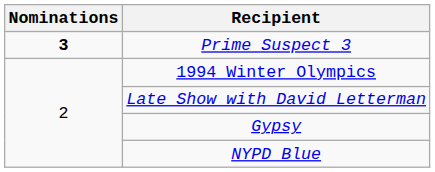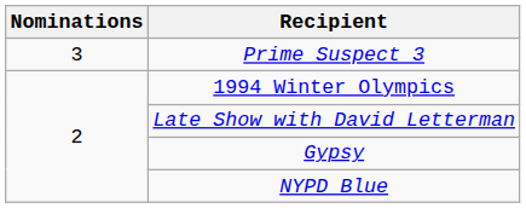 <table class="wikitable sortable" rowspan="2" style="text-align:center;" background: #f6e39c;>
 <tr>
 <th scope="col" style="width:55px;">Nominations</th>
 <th scope="col" style="text-align:center;">Recipient</th>
 </tr>
 <tr>
-<td rowspan="1" style="text-align:center"><strong>3</strong></td>
+<td rowspan="1" style="text-align:center">3</td>
 <td><em><a href='#'>Prime Suspect 3</a></em></td>
 </tr>
 <tr>
 <td rowspan="4" style="text-align:center">2</td>
 <td><a href='#'>1994 Winter Olympics</a></td>
 </tr>
 <tr>
 <td><em><a href='#'>Late Show with David Letterman</a></em></td>
 </tr>
 <tr>
 <td><em><a href='#'>Gypsy</a></em></td>
 </tr>
 <tr>
 <td><em><a href='#'>NYPD Blue</a></em></td>
 </tr>
 </table>
